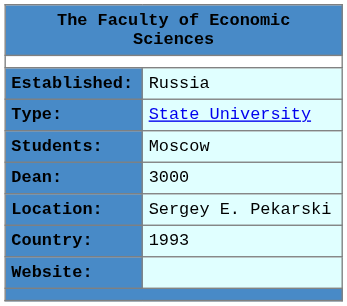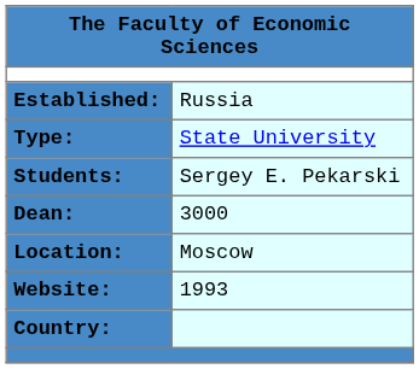 <table class="toccolours" border="1" cellpadding="4" style="float: right; margin: 0 0 1em 1em; width: 20em; border-collapse: collapse; font-size: 95%; clear: right">
 <tr>
 <th colspan="2" align=center bgcolor="#488AC7"><span><strong>The Faculty of Economic Sciences</strong></span></th>
 </tr>
 <tr>
 <td colspan="2" align=center></td>
 </tr>
 <tr>
 <td bgcolor="#488AC7"><span> <strong>Established:</strong></span></td>
 <td bgcolor="#E0FFFF">Russia</td>
 </tr>
 <tr>
 <td bgcolor="#488AC7"><span> <strong>Type:</strong></span></td>
 <td bgcolor="#E0FFFF"><a href='#'>State University</a></td>
 </tr>
 <tr>
 <td bgcolor="#488AC7"><span> <strong>Students:</strong></span></td>
-<td bgcolor="#E0FFFF">Moscow</td>
+<td bgcolor="#E0FFFF">Sergey E. Pekarski</td>
 </tr>
 <tr>
 <td bgcolor="#488AC7"><span> <strong>Dean:</strong></span></td>
 <td bgcolor="#E0FFFF">3000</td>
 </tr>
 <tr>
 <td bgcolor="#488AC7"><span> <strong>Location:</strong></span></td>
-<td bgcolor="#E0FFFF">Sergey E. Pekarski</td>
+<td bgcolor="#E0FFFF">Moscow</td>
+</tr>
+<tr>
+<td bgcolor="#488AC7"><span> <strong>Website:</strong></span></td>
+<td bgcolor="#E0FFFF">1993</td>
 </tr>
 <tr>
 <td bgcolor="#488AC7"><span> <strong>Country:</strong></span></td>
-<td bgcolor="#E0FFFF">1993</td>
-</tr>
-<tr>
-<td bgcolor="#488AC7"><span> <strong>Website:</strong></span></td>
 <td bgcolor="#E0FFFF"></td>
 </tr>
 <tr>
 <th colspan="2" align=center bgcolor="#488AC7"><span></span></th>
 </tr>
 <tr>
 </tr>
 </table>
